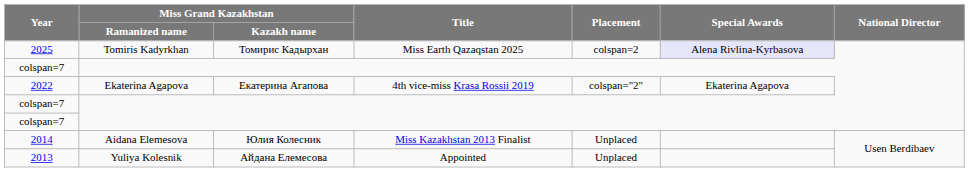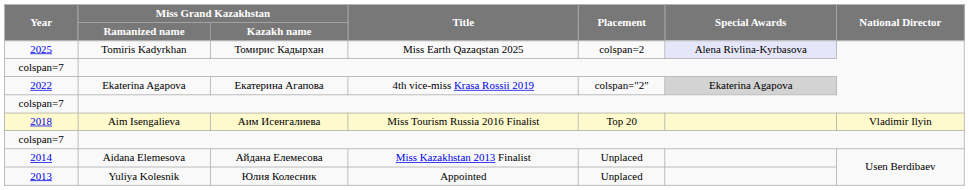 <table class="wikitable" style="font-size: 90%; text-align:center; width:100%">
 <tr>
 <th rowspan=2 style="background-color:#787878;color:#FFFFFF;">Year</th>
 <th colspan=2 style="background-color:#787878;color:#FFFFFF;">Miss Grand Kazakhstan</th>
 <th rowspan=2 style="background-color:#787878;color:#FFFFFF;">Title</th>
 <th rowspan=2 style="background-color:#787878;color:#FFFFFF;">Placement</th>
 <th rowspan=2 style="background-color:#787878;color:#FFFFFF;">Special Awards</th>
 <th rowspan=2 style="background-color:#787878;color:#FFFFFF;">National Director</th>
 </tr>
 <tr>
 <th style="background-color:#787878;color:#FFFFFF;">Ramanized name</th>
 <th style="background-color:#787878;color:#FFFFFF;">Kazakh name</th>
 </tr>
 <tr>
 <td><a href='#'>2025</a></td>
 <td>Tomiris Kadyrkhan</td>
 <td>Томирис Кадырхан</td>
 <td>Miss Earth Qazaqstan 2025</td>
 <td>colspan=2 </td>
 <td style="background: lavender;">Alena Rivlina-Kyrbasova</td>
 </tr>
 <tr>
 <td>colspan=7</td>
 </tr>
 <tr>
 <td><a href='#'>2022</a></td>
 <td>Ekaterina Agapova</td>
 <td>Екатерина Агапова</td>
 <td>4th vice-miss <a href='#'>Krasa Rossii 2019</a></td>
 <td>colspan="2" </td>
-<td>Ekaterina Agapova</td>
+<td style="background: lightgrey;">Ekaterina Agapova</td>
 </tr>
 <tr>
 <td>colspan=7</td>
+</tr>
+<tr bgcolor=#FFFACD>
+<td><a href='#'>2018</a></td>
+<td>Aim Isengalieva</td>
+<td>Аим Исенгалиева</td>
+<td>Miss Tourism Russia 2016 Finalist</td>
+<td>Top 20</td>
+<td></td>
+<td>Vladimir Ilyin</td>
 </tr>
 <tr>
 <td>colspan=7</td>
 </tr>
 <tr>
 <td><a href='#'>2014</a></td>
 <td>Aidana Elemesova</td>
-<td>Юлия Колесник</td>
+<td>Айдана Елемесова</td>
 <td><a href='#'>Miss Kazakhstan 2013</a> Finalist</td>
 <td>Unplaced</td>
 <td></td>
 <td rowspan=2>Usen Berdibaev</td>
 </tr>
 <tr>
 <td><a href='#'>2013</a></td>
 <td>Yuliya Kolesnik</td>
-<td>Айдана Елемесова</td>
+<td>Юлия Колесник</td>
 <td>Appointed</td>
 <td>Unplaced</td>
 <td></td>
 </tr>
 </table>
